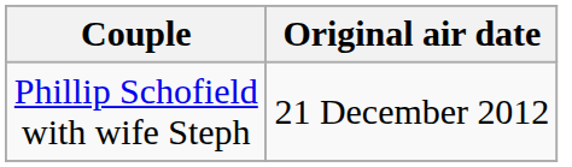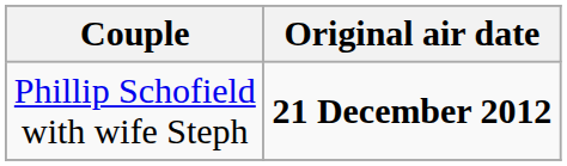 <table class="wikitable sortable" style="text-align:center;">
 <tr>
 <th>Couple</th>
 <th>Original air date</th>
 </tr>
 <tr>
 <td><a href='#'>Phillip Schofield</a><br>with wife Steph</td>
-<td>21 December 2012</td>
+<td><strong>21 December 2012</strong></td>
 </tr>
 </table>
